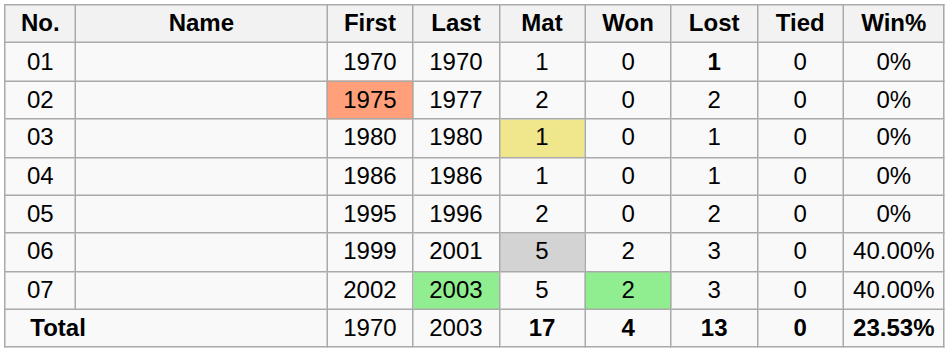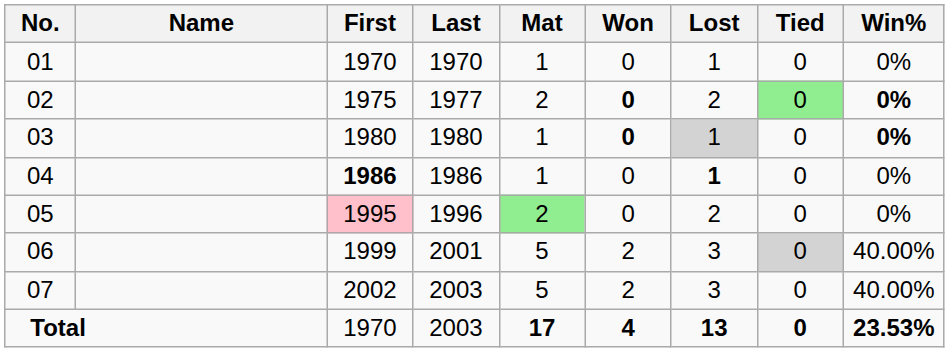 <table class="wikitable sortable">
 <tr>
 <th width="40">No.</th>
 <th width="160">Name</th>
 <th width="50">First</th>
 <th width="50">Last</th>
 <th width="50">Mat</th>
 <th width="50">Won</th>
 <th width="50">Lost</th>
 <th width="50">Tied</th>
 <th width="60">Win%</th>
 </tr>
 <tr align=center>
 <td><span>0</span>1</td>
 <td align=left></td>
 <td>1970</td>
 <td>1970</td>
 <td>1</td>
 <td>0</td>
-<td><strong>1</strong></td>
+<td>1</td>
 <td>0</td>
 <td>0%</td>
 </tr>
 <tr align=center>
 <td><span>0</span>2</td>
 <td align=left></td>
-<td style="background: lightsalmon;">1975</td>
+<td>1975</td>
 <td>1977</td>
 <td>2</td>
-<td>0</td>
+<td><strong>0</strong></td>
 <td>2</td>
-<td>0</td>
-<td>0%</td>
+<td style="background: lightgreen;">0</td>
+<td><strong>0%</strong></td>
 </tr>
 <tr align=center>
 <td><span>0</span>3</td>
 <td align=left></td>
 <td>1980</td>
 <td>1980</td>
-<td style="background: khaki;">1</td>
+<td>1</td>
+<td><strong>0</strong></td>
+<td style="background: lightgrey;">1</td>
 <td>0</td>
-<td>1</td>
-<td>0</td>
-<td>0%</td>
+<td><strong>0%</strong></td>
 </tr>
 <tr align=center>
 <td><span>0</span>4</td>
 <td align=left></td>
-<td>1986</td>
+<td><strong>1986</strong></td>
 <td>1986</td>
 <td>1</td>
 <td>0</td>
-<td>1</td>
+<td><strong>1</strong></td>
 <td>0</td>
 <td>0%</td>
 </tr>
 <tr align=center>
 <td><span>0</span>5</td>
 <td align=left></td>
-<td>1995</td>
+<td style="background: pink;">1995</td>
 <td>1996</td>
-<td>2</td>
+<td style="background: lightgreen;">2</td>
 <td>0</td>
 <td>2</td>
 <td>0</td>
 <td>0%</td>
 </tr>
 <tr align=center>
 <td><span>0</span>6</td>
 <td align=left></td>
 <td>1999</td>
 <td>2001</td>
-<td style="background: lightgrey;">5</td>
+<td>5</td>
 <td>2</td>
 <td>3</td>
-<td>0</td>
+<td style="background: lightgrey;">0</td>
 <td>40.00%</td>
 </tr>
 <tr align=center>
 <td><span>0</span>7</td>
 <td align=left></td>
 <td>2002</td>
-<td style="background: lightgreen;">2003</td>
+<td>2003</td>
 <td>5</td>
-<td style="background: lightgreen;">2</td>
+<td>2</td>
 <td>3</td>
 <td>0</td>
 <td>40.00%</td>
 </tr>
 <tr class="sortbottom" align=center>
 <td colspan=2 align=left><strong>   Total</strong></td>
 <td>1970</td>
 <td>2003</td>
 <td><strong>17</strong></td>
 <td><strong>4</strong></td>
 <td><strong>13</strong></td>
 <td><strong>0</strong></td>
 <td><strong>23.53%</strong></td>
 </tr>
 </table>
